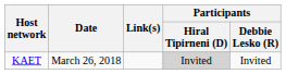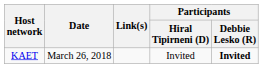 <table class="wikitable">
 <tr>
 <th rowspan="2">Host<br>network</th>
 <th rowspan="2">Date</th>
 <th rowspan="2">Link(s)</th>
 <th colspan="3">Participants</th>
 </tr>
 <tr>
 <th>Hiral<br>Tipirneni (D)</th>
 <th>Debbie<br>Lesko (R)</th>
 </tr>
 <tr>
 <td align=center><a href='#'>KAET</a></td>
 <td align=center>March 26, 2018</td>
 <td align=center></td>
-<td align=center style="background: lightgrey;">Invited</td>
 <td align=center>Invited</td>
+<td align=center><strong>Invited</strong></td>
 </tr>
 </table>
